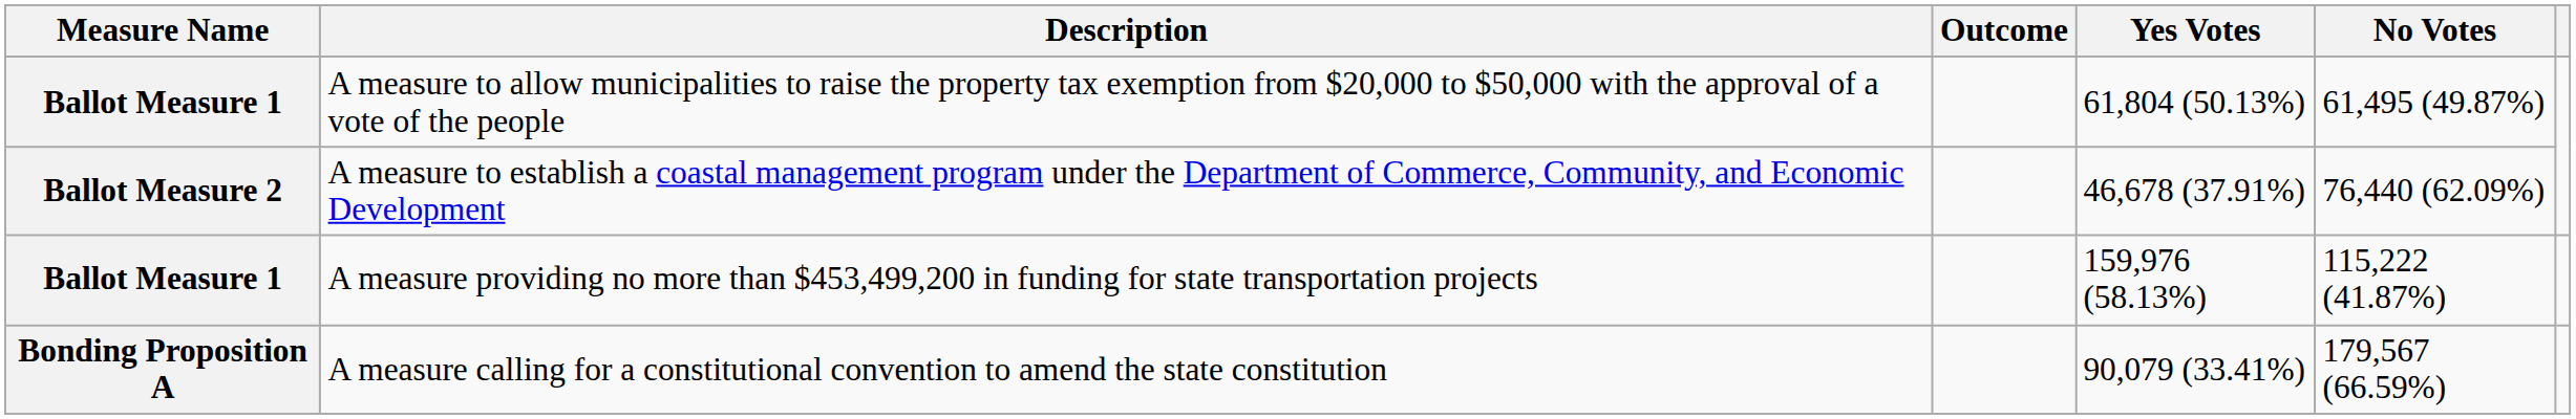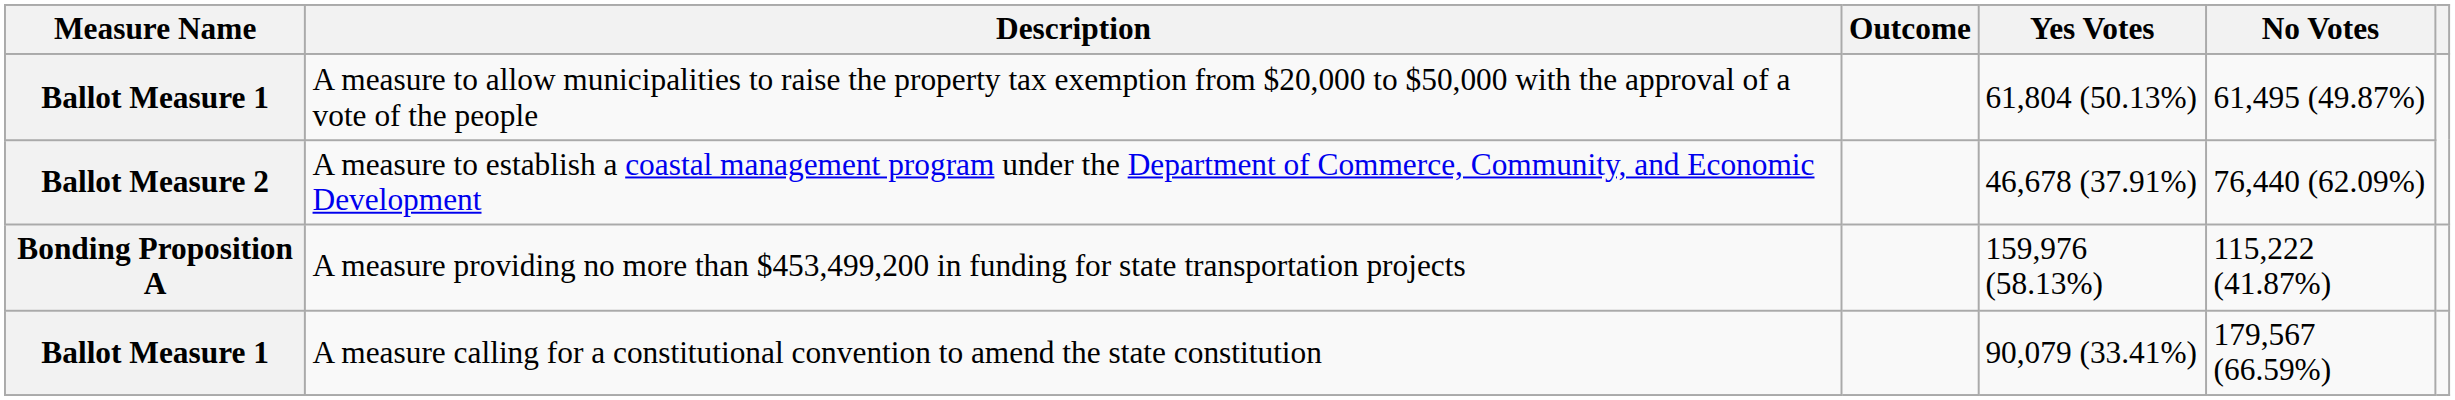 <table class="wikitable sortable plainrowheaders">
 <tr>
 <th scope=col>Measure Name</th>
 <th scope=col>Description</th>
 <th scope=col>Outcome</th>
 <th scope=col>Yes Votes</th>
 <th scope=col>No Votes</th>
 <th scope=col></th>
 </tr>
 <tr>
 <th scope=row>Ballot Measure 1</th>
 <td>A measure to allow municipalities to raise the property tax exemption from $20,000 to $50,000 with the approval of a vote of the people</td>
 <td></td>
 <td>61,804 (50.13%)</td>
 <td>61,495 (49.87%)</td>
 <td rowspan=2></td>
 </tr>
 <tr>
 <th scope=row>Ballot Measure 2</th>
 <td>A measure to establish a <a href='#'>coastal management program</a> under the <a href='#'>Department of Commerce, Community, and Economic Development</a></td>
 <td></td>
 <td>46,678 (37.91%)</td>
 <td>76,440 (62.09%)</td>
 </tr>
 <tr>
-<th scope=row>Ballot Measure 1</th>
+<th scope=row>Bonding Proposition A</th>
 <td>A measure providing no more than $453,499,200 in funding for state transportation projects</td>
 <td></td>
 <td>159,976 (58.13%)</td>
 <td>115,222 (41.87%)</td>
 <td></td>
 </tr>
 <tr>
-<th scope=row>Bonding Proposition A</th>
+<th scope=row>Ballot Measure 1</th>
 <td>A measure calling for a constitutional convention to amend the state constitution</td>
 <td></td>
 <td>90,079 (33.41%)</td>
 <td>179,567 (66.59%)</td>
 <td></td>
 </tr>
 </table>
